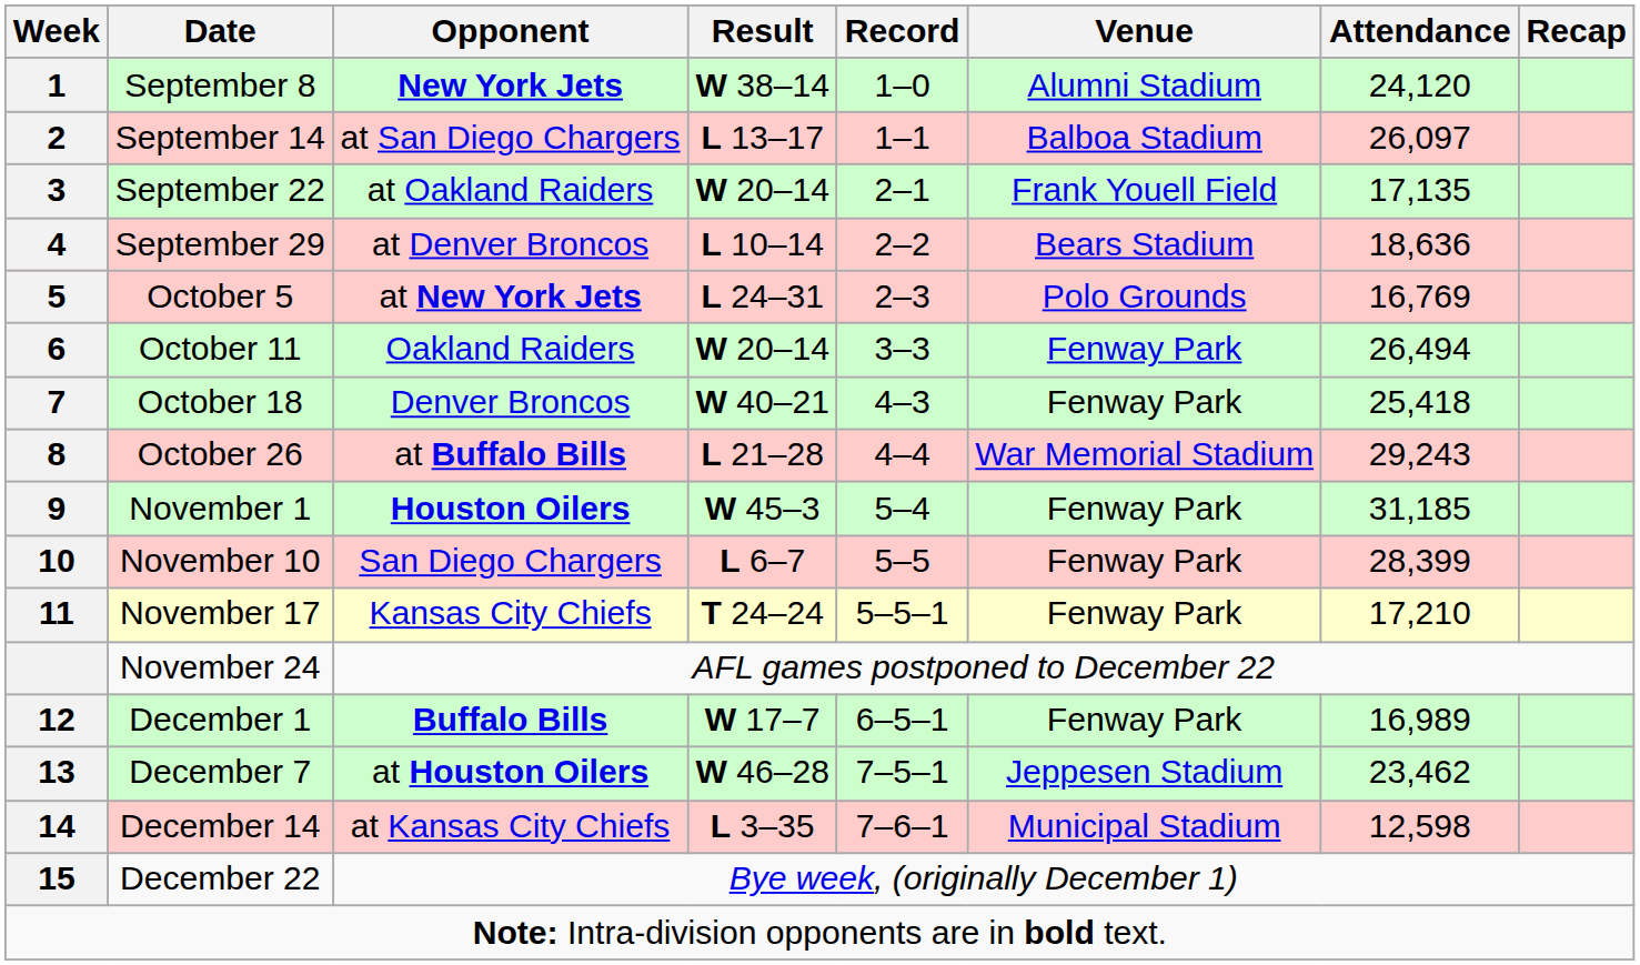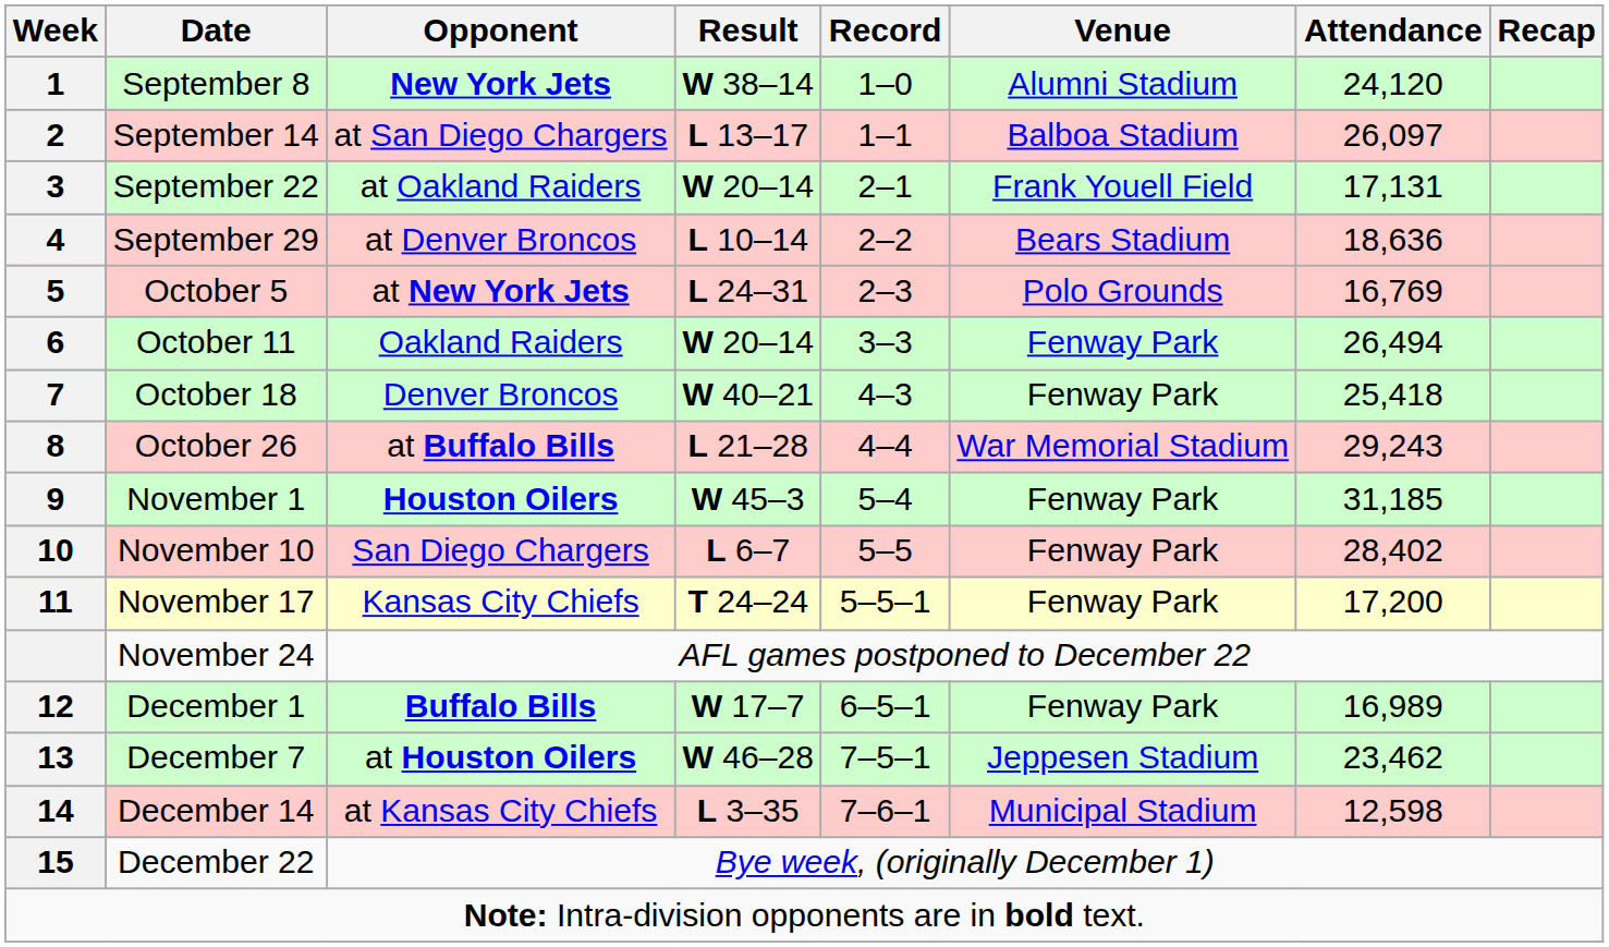 <table class="wikitable" style="text-align:center">
 <tr>
 <th>Week</th>
 <th>Date</th>
 <th>Opponent</th>
 <th>Result</th>
 <th>Record</th>
 <th>Venue</th>
 <th>Attendance</th>
 <th>Recap</th>
 </tr>
 <tr style="background:#cfc">
 <th>1</th>
 <td>September 8</td>
 <td><strong><a href='#'>New York Jets</a></strong></td>
 <td><strong>W</strong> 38–14</td>
 <td>1–0</td>
 <td><a href='#'>Alumni Stadium</a></td>
 <td>24,120</td>
 <td></td>
 </tr>
 <tr style="background:#fcc">
 <th>2</th>
 <td>September 14</td>
 <td>at <a href='#'>San Diego Chargers</a></td>
 <td><strong>L</strong> 13–17</td>
 <td>1–1</td>
 <td><a href='#'>Balboa Stadium</a></td>
 <td>26,097</td>
 <td></td>
 </tr>
 <tr style="background:#cfc">
 <th>3</th>
 <td>September 22</td>
 <td>at <a href='#'>Oakland Raiders</a></td>
 <td><strong>W</strong> 20–14</td>
 <td>2–1</td>
 <td><a href='#'>Frank Youell Field</a></td>
-<td>17,135</td>
+<td>17,131</td>
 <td></td>
 </tr>
 <tr style="background:#fcc">
 <th>4</th>
 <td>September 29</td>
 <td>at <a href='#'>Denver Broncos</a></td>
 <td><strong>L</strong> 10–14</td>
 <td>2–2</td>
 <td><a href='#'>Bears Stadium</a></td>
 <td>18,636</td>
 <td></td>
 </tr>
 <tr style="background:#fcc">
 <th>5</th>
 <td>October 5</td>
 <td>at <strong><a href='#'>New York Jets</a></strong></td>
 <td><strong>L</strong> 24–31</td>
 <td>2–3</td>
 <td><a href='#'>Polo Grounds</a></td>
 <td>16,769</td>
 <td></td>
 </tr>
 <tr style="background:#cfc">
 <th>6</th>
 <td>October 11</td>
 <td><a href='#'>Oakland Raiders</a></td>
 <td><strong>W</strong> 20–14</td>
 <td>3–3</td>
 <td><a href='#'>Fenway Park</a></td>
 <td>26,494</td>
 <td></td>
 </tr>
 <tr style="background:#cfc">
 <th>7</th>
 <td>October 18</td>
 <td><a href='#'>Denver Broncos</a></td>
 <td><strong>W</strong> 40–21</td>
 <td>4–3</td>
 <td>Fenway Park</td>
 <td>25,418</td>
 <td></td>
 </tr>
 <tr style="background:#fcc">
 <th>8</th>
 <td>October 26</td>
 <td>at <strong><a href='#'>Buffalo Bills</a></strong></td>
 <td><strong>L</strong> 21–28</td>
 <td>4–4</td>
 <td><a href='#'>War Memorial Stadium</a></td>
 <td>29,243</td>
 <td></td>
 </tr>
 <tr style="background:#cfc">
 <th>9</th>
 <td>November 1</td>
 <td><strong><a href='#'>Houston Oilers</a></strong></td>
 <td><strong>W</strong> 45–3</td>
 <td>5–4</td>
 <td>Fenway Park</td>
 <td>31,185</td>
 <td></td>
 </tr>
 <tr style="background:#fcc">
 <th>10</th>
 <td>November 10</td>
 <td><a href='#'>San Diego Chargers</a></td>
 <td><strong>L</strong> 6–7</td>
 <td>5–5</td>
 <td>Fenway Park</td>
-<td>28,399</td>
+<td>28,402</td>
 <td></td>
 </tr>
 <tr style="background:#ffc">
 <th>11</th>
 <td>November 17</td>
 <td><a href='#'>Kansas City Chiefs</a></td>
 <td><strong>T</strong> 24–24</td>
 <td>5–5–1</td>
 <td>Fenway Park</td>
-<td>17,210</td>
+<td>17,200</td>
 <td></td>
 </tr>
 <tr>
 <th align=center></th>
 <td>November 24</td>
 <td colspan="7" style="text-align:center;"><em>AFL games postponed to December 22</em></td>
 </tr>
 <tr style="background:#cfc">
 <th>12</th>
 <td>December 1</td>
 <td><strong><a href='#'>Buffalo Bills</a></strong></td>
 <td><strong>W</strong> 17–7</td>
 <td>6–5–1</td>
 <td>Fenway Park</td>
 <td>16,989</td>
 <td></td>
 </tr>
 <tr style="background:#cfc">
 <th>13</th>
 <td>December 7</td>
 <td>at <strong><a href='#'>Houston Oilers</a></strong></td>
 <td><strong>W</strong> 46–28</td>
 <td>7–5–1</td>
 <td><a href='#'>Jeppesen Stadium</a></td>
 <td>23,462</td>
 <td></td>
 </tr>
 <tr style="background:#fcc">
 <th>14</th>
 <td>December 14</td>
 <td>at <a href='#'>Kansas City Chiefs</a></td>
 <td><strong>L</strong> 3–35</td>
 <td>7–6–1</td>
 <td><a href='#'>Municipal Stadium</a></td>
 <td>12,598</td>
 <td></td>
 </tr>
 <tr>
 <th>15</th>
 <td>December 22</td>
 <td colspan="7" style="text-align:center;"><em><a href='#'>Bye week</a>, (originally December 1)</em></td>
 </tr>
 <tr>
 <td colspan="8"><strong>Note:</strong> Intra-division opponents are in <strong>bold</strong> text.</td>
 </tr>
 </table>
